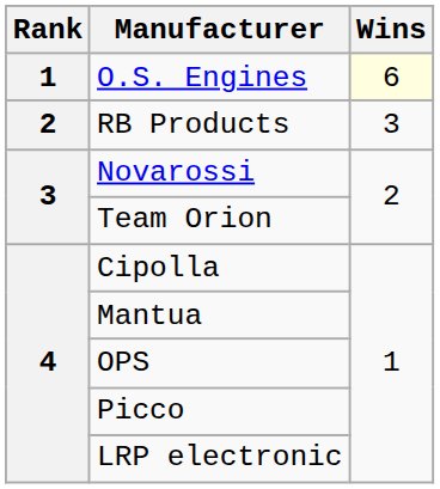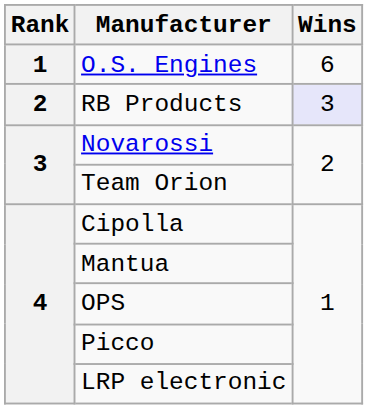 <table class="wikitable" style="font-size: 100%;">
 <tr>
 <th>Rank</th>
 <th>Manufacturer</th>
 <th>Wins</th>
 </tr>
 <tr>
 <th>1</th>
 <td> <a href='#'>O.S. Engines</a></td>
-<td align="center" style="background: lightyellow;">6</td>
+<td align="center">6</td>
 </tr>
 <tr>
 <th>2</th>
 <td> RB Products</td>
-<td align="center">3</td>
+<td align="center" style="background: lavender;">3</td>
 </tr>
 <tr>
 <th rowspan="2">3</th>
 <td> <a href='#'>Novarossi</a></td>
 <td rowspan="2" align="center">2</td>
 </tr>
 <tr>
 <td> Team Orion</td>
 </tr>
 <tr>
 <th rowspan="5">4</th>
 <td> Cipolla</td>
 <td rowspan="5" align="center">1</td>
 </tr>
 <tr>
 <td> Mantua</td>
 </tr>
 <tr>
 <td> OPS</td>
 </tr>
 <tr>
 <td> Picco</td>
 </tr>
 <tr>
 <td> LRP electronic</td>
 </tr>
 </table>
